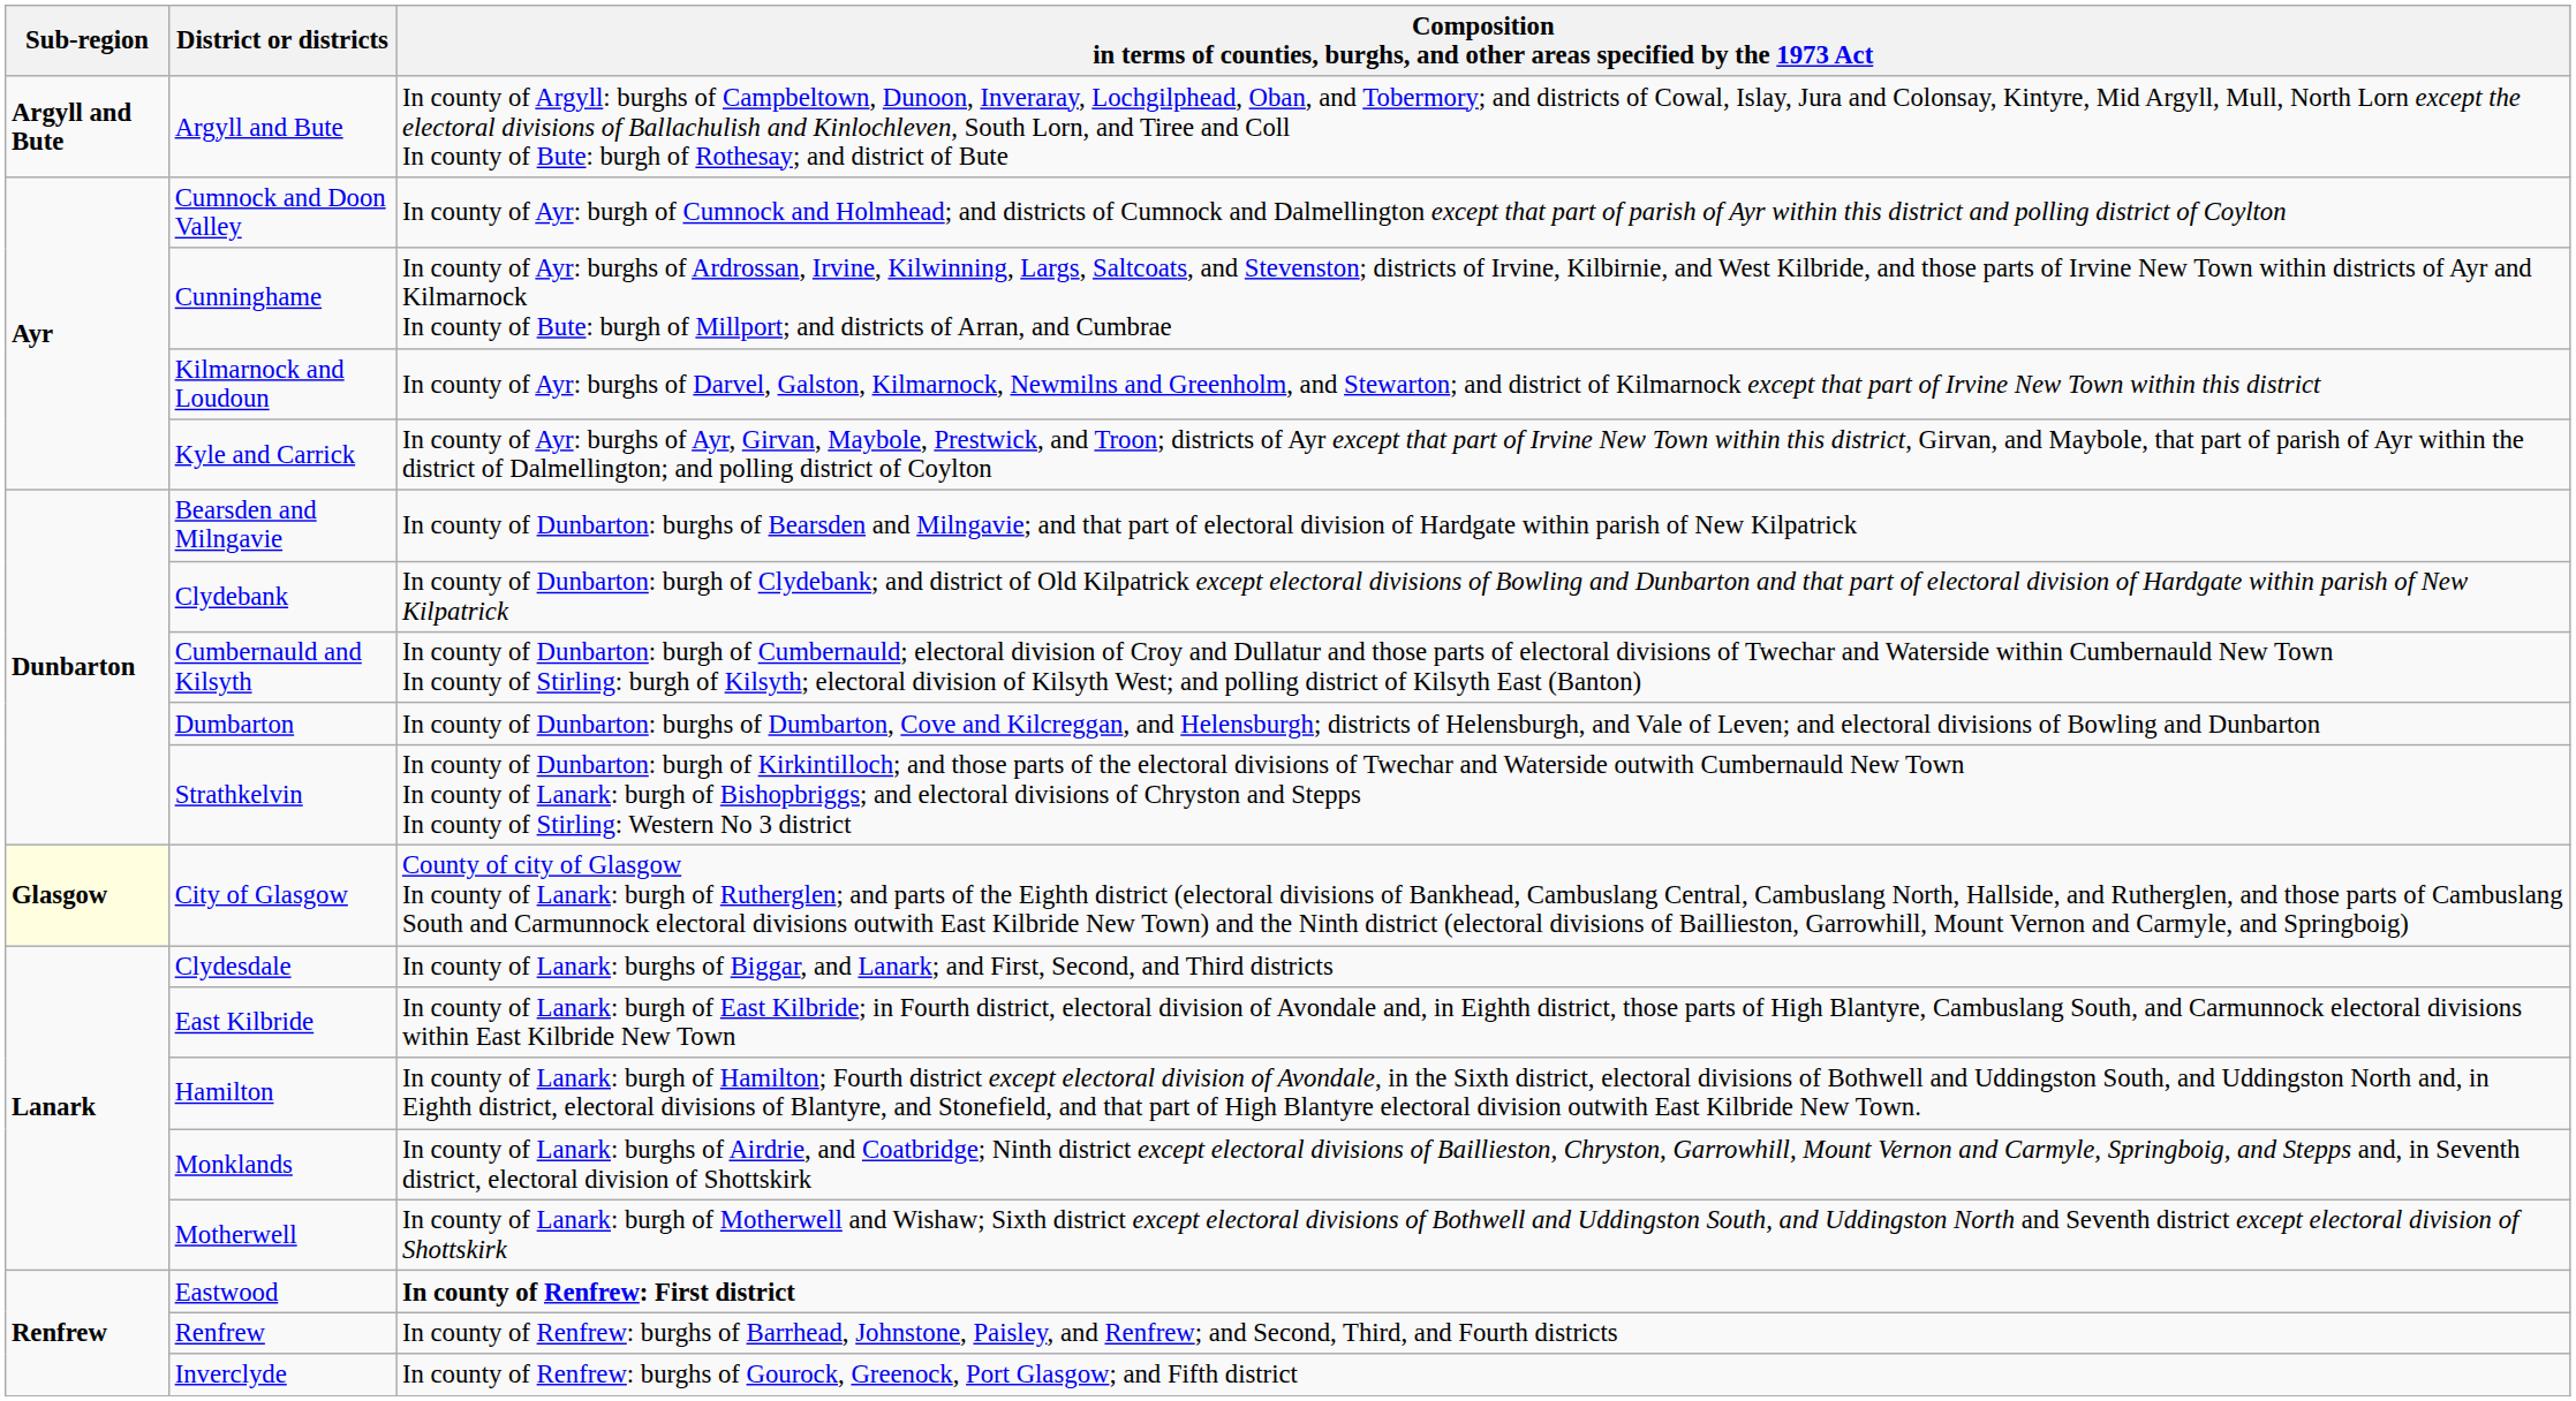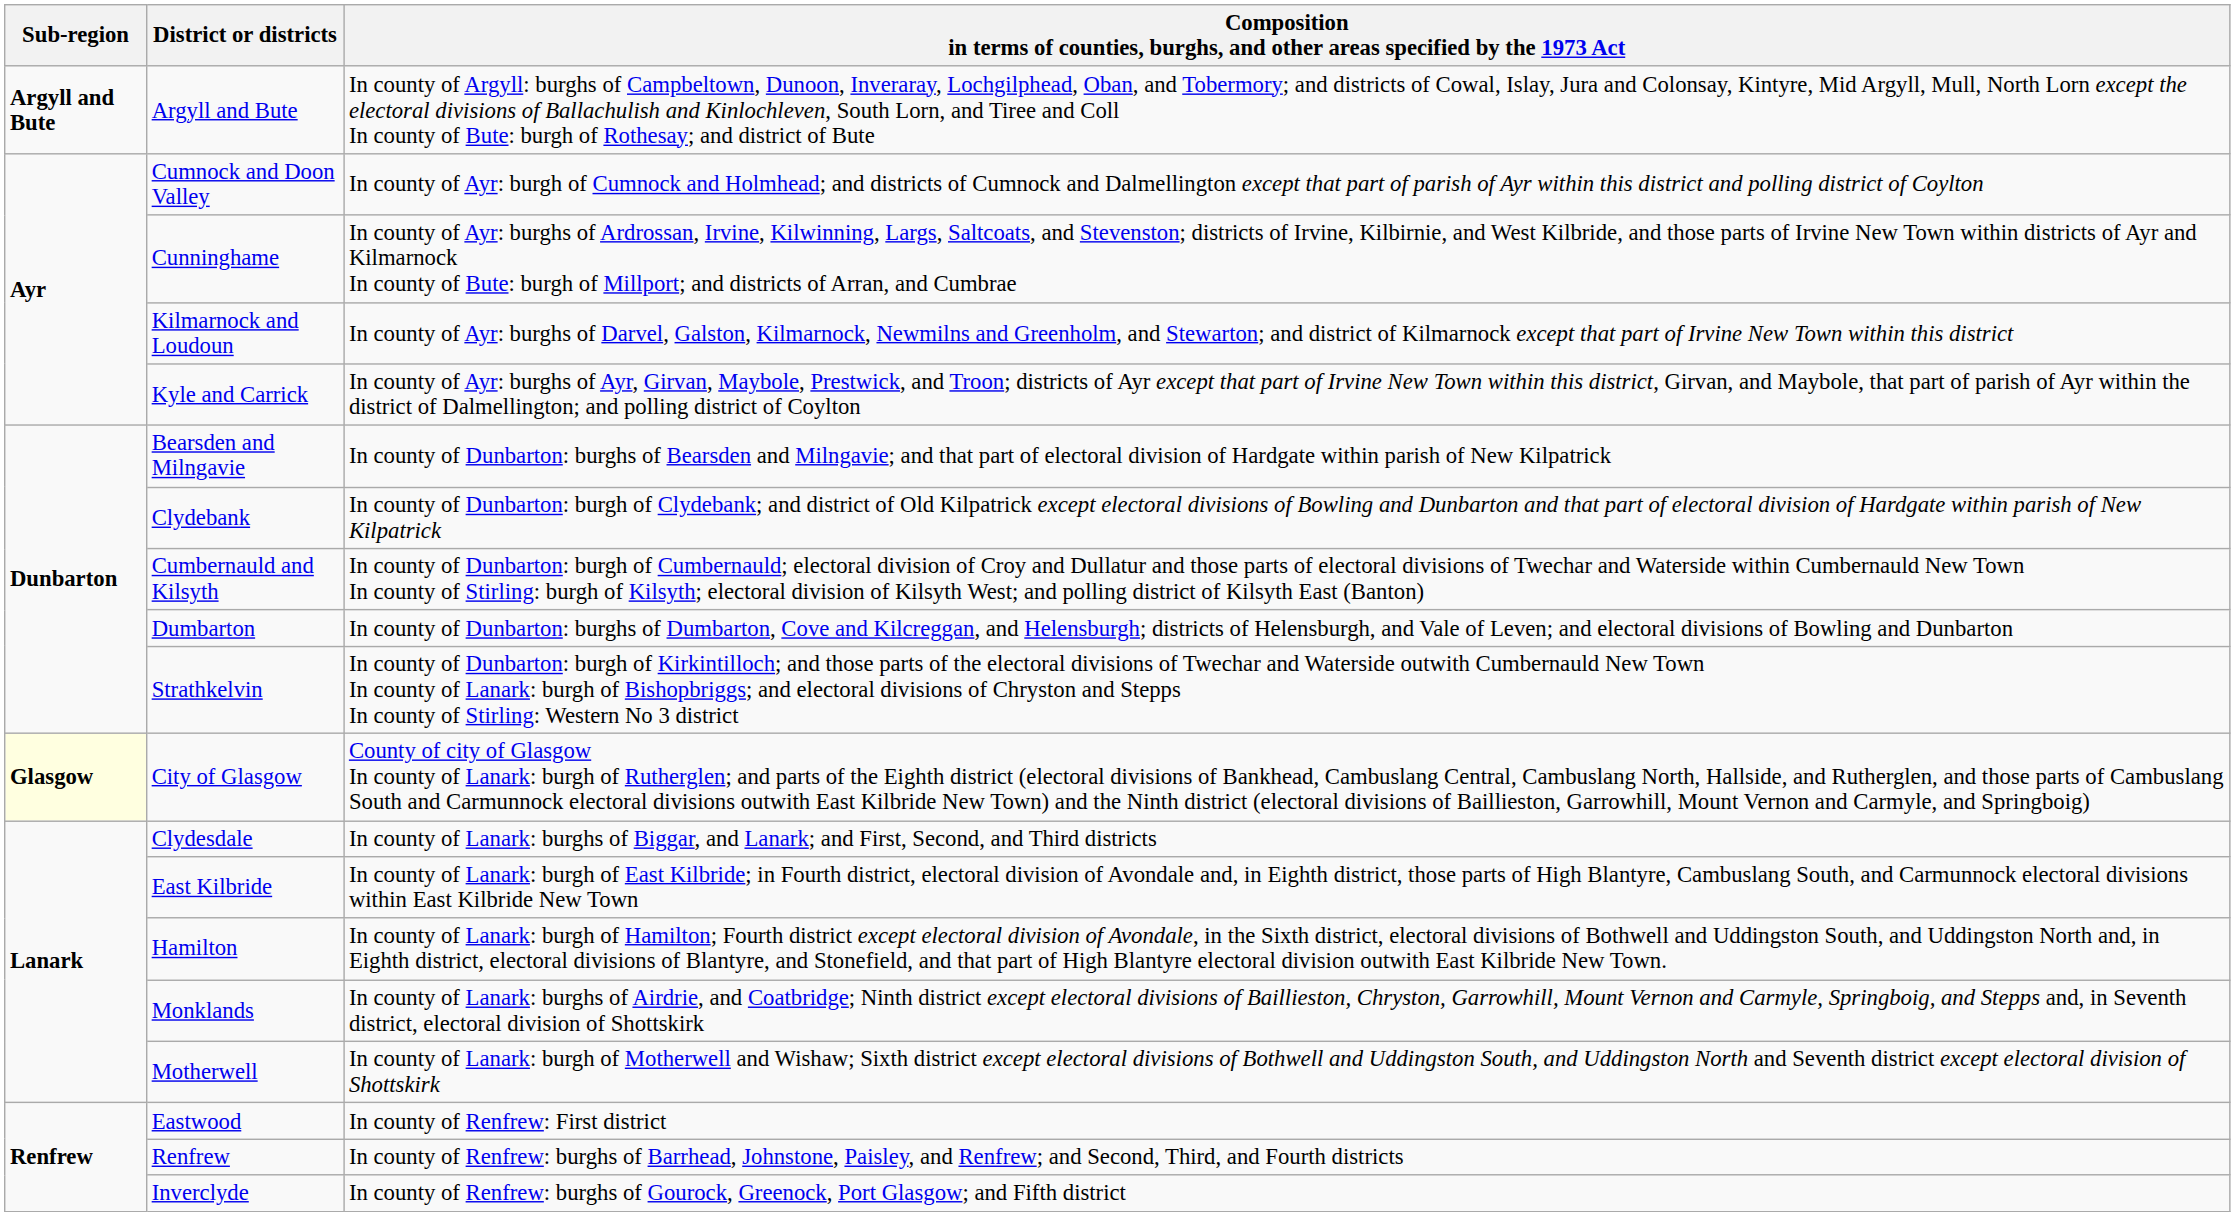 <table class="wikitable">
 <tr>
 <th>Sub-region</th>
 <th>District or districts</th>
 <th>Composition<br> in terms of counties, burghs, and other areas specified by the <a href='#'>1973 Act</a></th>
 </tr>
 <tr>
 <td><strong>Argyll and Bute</strong></td>
 <td><a href='#'>Argyll and Bute</a></td>
 <td>In county of <a href='#'>Argyll</a>: burghs of <a href='#'>Campbeltown</a>, <a href='#'>Dunoon</a>, <a href='#'>Inveraray</a>, <a href='#'>Lochgilphead</a>, <a href='#'>Oban</a>, and <a href='#'>Tobermory</a>; and districts of Cowal, Islay, Jura and Colonsay, Kintyre, Mid Argyll, Mull, North Lorn <em>except the electoral divisions of Ballachulish and Kinlochleven</em>, South Lorn, and Tiree and Coll<br>In county of <a href='#'>Bute</a>: burgh of <a href='#'>Rothesay</a>; and district of Bute</td>
 </tr>
 <tr>
 <td rowspan=4><strong>Ayr</strong></td>
 <td><a href='#'>Cumnock and Doon Valley</a></td>
 <td>In county of <a href='#'>Ayr</a>: burgh of <a href='#'>Cumnock and Holmhead</a>; and districts of Cumnock and Dalmellington <em>except that part of parish of Ayr within this district and polling district of Coylton</em></td>
 </tr>
 <tr>
 <td><a href='#'>Cunninghame</a></td>
 <td>In county of <a href='#'>Ayr</a>: burghs of <a href='#'>Ardrossan</a>, <a href='#'>Irvine</a>, <a href='#'>Kilwinning</a>, <a href='#'>Largs</a>, <a href='#'>Saltcoats</a>, and <a href='#'>Stevenston</a>; districts of Irvine, Kilbirnie, and West Kilbride, and those parts of Irvine New Town within districts of Ayr and Kilmarnock<br>In county of <a href='#'>Bute</a>: burgh of <a href='#'>Millport</a>; and districts of Arran, and Cumbrae</td>
 </tr>
 <tr>
 <td><a href='#'>Kilmarnock and Loudoun</a></td>
 <td>In county of <a href='#'>Ayr</a>: burghs of <a href='#'>Darvel</a>, <a href='#'>Galston</a>, <a href='#'>Kilmarnock</a>, <a href='#'>Newmilns and Greenholm</a>, and <a href='#'>Stewarton</a>; and district of Kilmarnock <em>except that part of Irvine New Town within this district</em></td>
 </tr>
 <tr>
 <td><a href='#'>Kyle and Carrick</a></td>
 <td>In county of <a href='#'>Ayr</a>: burghs of <a href='#'>Ayr</a>, <a href='#'>Girvan</a>, <a href='#'>Maybole</a>, <a href='#'>Prestwick</a>, and <a href='#'>Troon</a>; districts of Ayr <em>except that part of Irvine New Town within this district</em>, Girvan, and Maybole, that part of parish of Ayr within the district of Dalmellington; and polling district of Coylton</td>
 </tr>
 <tr>
 <td rowspan=5><strong>Dunbarton</strong></td>
 <td><a href='#'>Bearsden and Milngavie</a></td>
 <td>In county of <a href='#'>Dunbarton</a>: burghs of <a href='#'>Bearsden</a> and <a href='#'>Milngavie</a>; and that part of electoral division of Hardgate within parish of New Kilpatrick</td>
 </tr>
 <tr>
 <td><a href='#'>Clydebank</a></td>
 <td>In county of <a href='#'>Dunbarton</a>: burgh of <a href='#'>Clydebank</a>; and district of Old Kilpatrick <em>except electoral divisions of Bowling and Dunbarton and that part of electoral division of Hardgate within parish of New Kilpatrick</em></td>
 </tr>
 <tr>
 <td><a href='#'>Cumbernauld and Kilsyth</a></td>
 <td>In county of <a href='#'>Dunbarton</a>: burgh of <a href='#'>Cumbernauld</a>; electoral division of Croy and Dullatur and those parts of electoral divisions of Twechar and Waterside within Cumbernauld New Town<br>In county of <a href='#'>Stirling</a>: burgh of <a href='#'>Kilsyth</a>; electoral division of Kilsyth West; and polling district of Kilsyth East (Banton)</td>
 </tr>
 <tr>
 <td><a href='#'>Dumbarton</a></td>
 <td>In county of <a href='#'>Dunbarton</a>: burghs of <a href='#'>Dumbarton</a>, <a href='#'>Cove and Kilcreggan</a>, and <a href='#'>Helensburgh</a>; districts of Helensburgh, and Vale of Leven; and electoral divisions of Bowling and Dunbarton</td>
 </tr>
 <tr>
 <td><a href='#'>Strathkelvin</a></td>
 <td>In county of <a href='#'>Dunbarton</a>: burgh of <a href='#'>Kirkintilloch</a>; and those parts of the electoral divisions of Twechar and Waterside outwith Cumbernauld New Town<br>In county of <a href='#'>Lanark</a>: burgh of <a href='#'>Bishopbriggs</a>; and electoral divisions of Chryston and Stepps<br> In county of <a href='#'>Stirling</a>: Western No 3 district</td>
 </tr>
 <tr>
 <td style="background: lightyellow;"><strong>Glasgow</strong></td>
 <td><a href='#'>City of Glasgow</a></td>
 <td><a href='#'>County of city of Glasgow</a><br>In county of <a href='#'>Lanark</a>: burgh of <a href='#'>Rutherglen</a>; and parts of the Eighth district (electoral divisions of Bankhead, Cambuslang Central, Cambuslang North, Hallside, and Rutherglen, and those parts of Cambuslang South and Carmunnock electoral divisions outwith East Kilbride New Town) and the Ninth district (electoral divisions of Baillieston, Garrowhill, Mount Vernon and Carmyle, and Springboig)</td>
 </tr>
 <tr>
 <td rowspan=5><strong>Lanark</strong></td>
 <td><a href='#'>Clydesdale</a></td>
 <td>In county of <a href='#'>Lanark</a>: burghs of <a href='#'>Biggar</a>, and <a href='#'>Lanark</a>; and First, Second, and Third districts</td>
 </tr>
 <tr>
 <td><a href='#'>East Kilbride</a></td>
 <td>In county of <a href='#'>Lanark</a>: burgh of <a href='#'>East Kilbride</a>; in Fourth district, electoral division of Avondale and, in Eighth district, those parts of High Blantyre, Cambuslang South, and Carmunnock electoral divisions within East Kilbride New Town</td>
 </tr>
 <tr>
 <td><a href='#'>Hamilton</a></td>
 <td>In county of <a href='#'>Lanark</a>: burgh of <a href='#'>Hamilton</a>; Fourth district <em>except electoral division of Avondale</em>, in the Sixth district, electoral divisions of Bothwell and Uddingston South, and Uddingston North and, in Eighth district, electoral divisions of Blantyre, and Stonefield, and that part of High Blantyre electoral division outwith East Kilbride New Town.</td>
 </tr>
 <tr>
 <td><a href='#'>Monklands</a></td>
 <td>In county of <a href='#'>Lanark</a>: burghs of <a href='#'>Airdrie</a>, and <a href='#'>Coatbridge</a>; Ninth district <em>except electoral divisions of Baillieston, Chryston, Garrowhill, Mount Vernon and Carmyle, Springboig, and Stepps</em> and, in Seventh district, electoral division of Shottskirk</td>
 </tr>
 <tr>
 <td><a href='#'>Motherwell</a></td>
 <td>In county of <a href='#'>Lanark</a>: burgh of <a href='#'>Motherwell</a> and Wishaw; Sixth district <em>except electoral divisions of Bothwell and Uddingston South, and Uddingston North</em> and Seventh district <em>except electoral division of Shottskirk</em></td>
 </tr>
 <tr>
 <td rowspan=3><strong>Renfrew</strong></td>
 <td><a href='#'>Eastwood</a></td>
-<td><strong>In county of <a href='#'>Renfrew</a>: First district</strong></td>
+<td>In county of <a href='#'>Renfrew</a>: First district</td>
 </tr>
 <tr>
 <td><a href='#'>Renfrew</a></td>
 <td>In county of <a href='#'>Renfrew</a>: burghs of <a href='#'>Barrhead</a>, <a href='#'>Johnstone</a>, <a href='#'>Paisley</a>, and <a href='#'>Renfrew</a>; and Second, Third, and Fourth districts</td>
 </tr>
 <tr>
 <td><a href='#'>Inverclyde</a></td>
 <td>In county of <a href='#'>Renfrew</a>: burghs of <a href='#'>Gourock</a>, <a href='#'>Greenock</a>, <a href='#'>Port Glasgow</a>; and Fifth district</td>
 </tr>
 </table>
